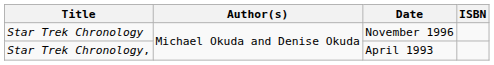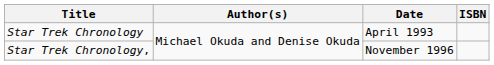 <table class="wikitable">
 <tr>
 <th>Title</th>
 <th>Author(s)</th>
 <th>Date</th>
 <th>ISBN</th>
 </tr>
 <tr>
 <td><em>Star Trek Chronology</em></td>
 <td rowspan="2">Michael Okuda and Denise Okuda</td>
-<td>November 1996</td>
+<td>April 1993</td>
 <td></td>
 </tr>
 <tr>
 <td><em>Star Trek Chronology</em>, </td>
-<td>April 1993</td>
+<td>November 1996</td>
 <td></td>
 </tr>
 </table>
